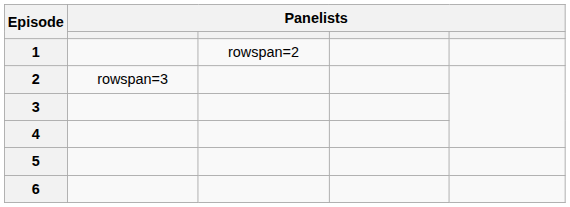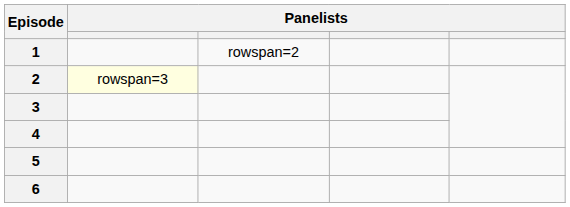 <table class="wikitable plainrowheaders mw-collapsible" style="text-align:center; line-height:23px; width:100%;">
 <tr>
 <th rowspan="2" width="1%">Episode</th>
 <th colspan="4">Panelists</th>
 </tr>
 <tr>
 <th width="25%"></th>
 <th width="25%"></th>
 <th width="25%"></th>
 <th width="25%"></th>
 </tr>
 <tr>
 <th>1</th>
 <td></td>
 <td>rowspan=2 </td>
 <td></td>
 <td></td>
 </tr>
 <tr>
 <th>2</th>
-<td>rowspan=3 </td>
+<td style="background: lightyellow;">rowspan=3 </td>
 <td></td>
 <td></td>
 </tr>
 <tr>
 <th>3</th>
 <td></td>
 <td></td>
 <td></td>
 </tr>
 <tr>
 <th>4</th>
 <td></td>
 <td></td>
 <td></td>
 </tr>
 <tr>
 <th>5</th>
 <td></td>
 <td></td>
 <td></td>
 <td></td>
 </tr>
 <tr>
 <th>6</th>
 <td></td>
 <td></td>
 <td></td>
 <td></td>
 </tr>
 </table>
